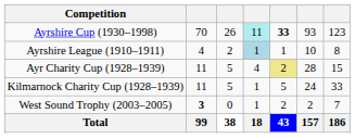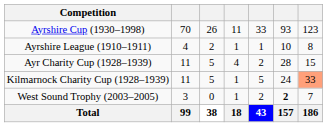 <table class="wikitable" style="text-align:center">
 <tr>
 <th>Competition</th>
 <th width=35></th>
 <th width=30></th>
 <th width=30></th>
 <th width=30></th>
 <th width=30></th>
 <th width=30></th>
 </tr>
 <tr>
 <td><a href='#'>Ayrshire Cup</a> (1930–1998)</td>
 <td>70</td>
 <td>26</td>
-<td style="background: paleturquoise;">11</td>
-<td><strong>33</strong></td>
+<td>11</td>
+<td>33</td>
 <td>93</td>
 <td>123</td>
 </tr>
 <tr>
 <td>Ayrshire League (1910–1911)</td>
 <td>4</td>
 <td>2</td>
-<td style="background: lightblue;">1</td>
+<td>1</td>
 <td>1</td>
 <td>10</td>
 <td>8</td>
 </tr>
 <tr>
 <td>Ayr Charity Cup (1928–1939)</td>
 <td>11</td>
 <td>5</td>
 <td>4</td>
-<td style="background: khaki;">2</td>
+<td>2</td>
 <td>28</td>
 <td>15</td>
 </tr>
 <tr>
 <td>Kilmarnock Charity Cup (1928–1939)</td>
 <td>11</td>
 <td>5</td>
 <td>1</td>
 <td>5</td>
 <td>24</td>
-<td>33</td>
+<td style="background: lightsalmon;">33</td>
 </tr>
 <tr>
 <td>West Sound Trophy (2003–2005)</td>
-<td><strong>3</strong></td>
+<td>3</td>
 <td>0</td>
 <td>1</td>
 <td>2</td>
-<td>2</td>
+<td><strong>2</strong></td>
 <td>7</td>
 </tr>
 <tr>
 <th>Total</th>
 <th>99</th>
 <th style="text-align:center; color:#000000; background:#FFFFFF;">38</th>
 <th>18</th>
 <th style="text-align:center; color:#FFFFFF; background:#0000FF;">43</th>
 <th>157</th>
 <th>186</th>
 </tr>
 </table>
